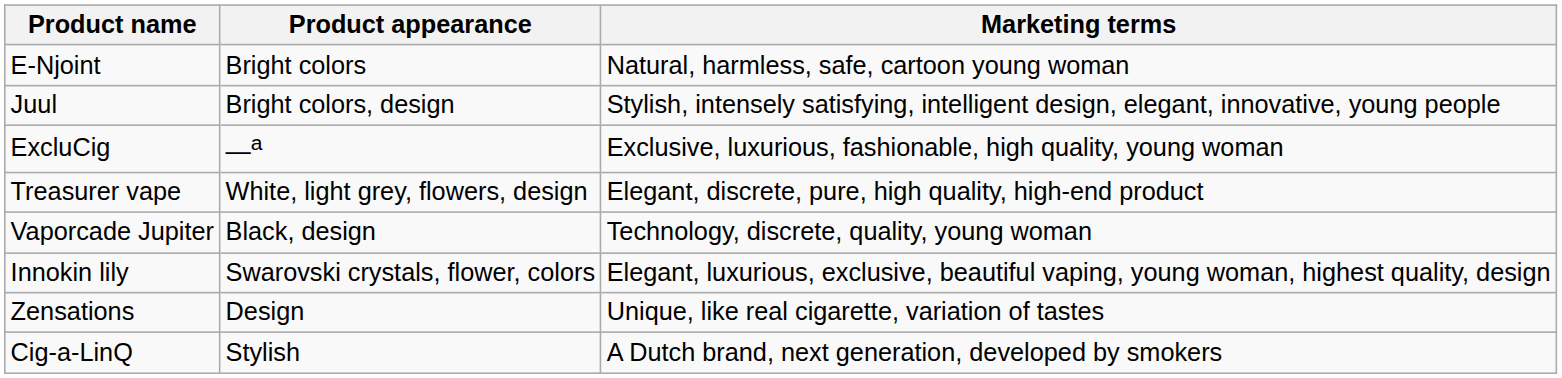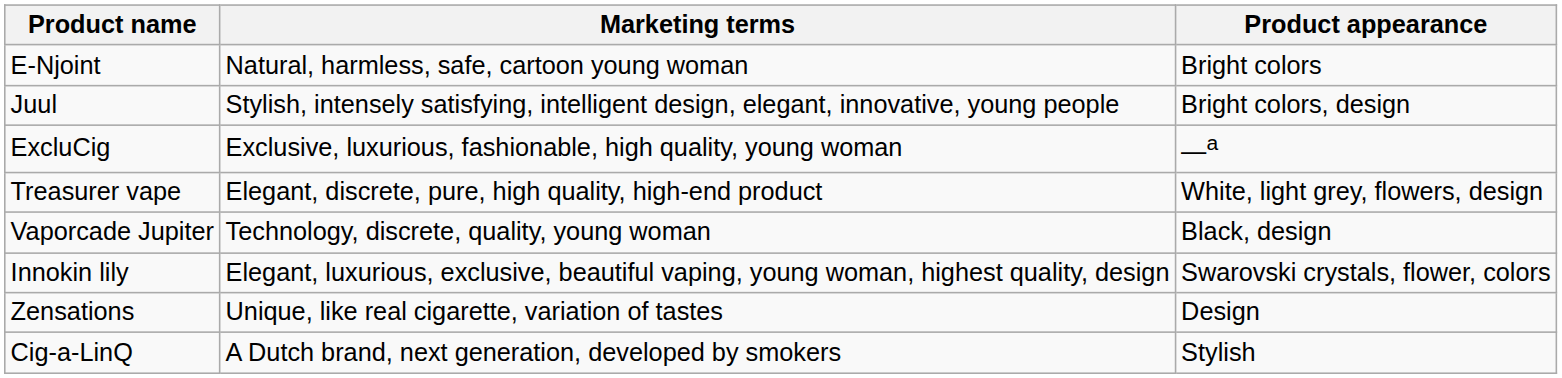 <table class="wikitable" style="display: inline-table;">
 <tr>
 <th>Product name</th>
+<th>Marketing terms</th>
 <th>Product appearance</th>
-<th>Marketing terms</th>
 </tr>
 <tr>
 <td>E-Njoint</td>
+<td>Natural, harmless, safe, cartoon young woman</td>
 <td>Bright colors</td>
-<td>Natural, harmless, safe, cartoon young woman</td>
 </tr>
 <tr>
 <td>Juul</td>
+<td>Stylish, intensely satisfying, intelligent design, elegant, innovative, young people</td>
 <td>Bright colors, design</td>
-<td>Stylish, intensely satisfying, intelligent design, elegant, innovative, young people</td>
 </tr>
 <tr>
 <td>ExcluCig</td>
+<td>Exclusive, luxurious, fashionable, high quality, young woman</td>
 <td>—<sup>a</sup></td>
-<td>Exclusive, luxurious, fashionable, high quality, young woman</td>
 </tr>
 <tr>
 <td>Treasurer vape</td>
+<td>Elegant, discrete, pure, high quality, high-end product</td>
 <td>White, light grey, flowers, design</td>
-<td>Elegant, discrete, pure, high quality, high-end product</td>
 </tr>
 <tr>
 <td>Vaporcade Jupiter</td>
+<td>Technology, discrete, quality, young woman</td>
 <td>Black, design</td>
-<td>Technology, discrete, quality, young woman</td>
 </tr>
 <tr>
 <td>Innokin lily</td>
+<td>Elegant, luxurious, exclusive, beautiful vaping, young woman, highest quality, design</td>
 <td>Swarovski crystals, flower, colors</td>
-<td>Elegant, luxurious, exclusive, beautiful vaping, young woman, highest quality, design</td>
 </tr>
 <tr>
 <td>Zensations</td>
+<td>Unique, like real cigarette, variation of tastes</td>
 <td>Design</td>
-<td>Unique, like real cigarette, variation of tastes</td>
 </tr>
 <tr>
 <td>Cig-a-LinQ</td>
+<td>A Dutch brand, next generation, developed by smokers</td>
 <td>Stylish</td>
-<td>A Dutch brand, next generation, developed by smokers</td>
 </tr>
 </table>
